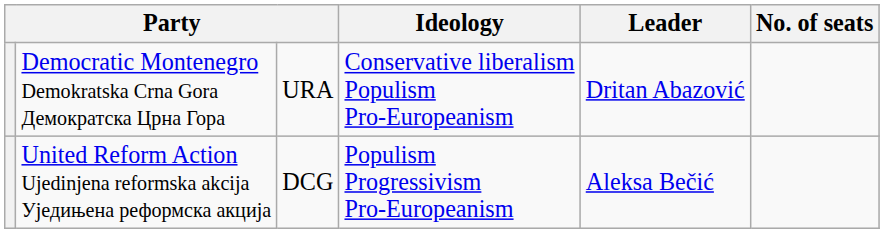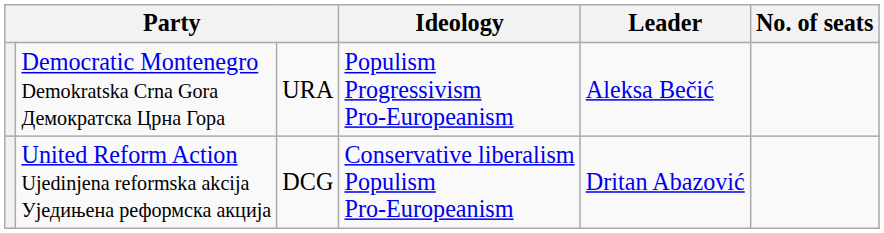 <table class="wikitable">
 <tr>
 <th colspan=3>Party</th>
 <th>Ideology</th>
 <th>Leader</th>
 <th>No. of seats</th>
 </tr>
 <tr>
 <th style="background-color:"></th>
 <td><a href='#'>Democratic Montenegro</a><br><small>Demokratska Crna Gora<br>Демократска Црна Гора</small></td>
 <td>URA</td>
-<td><a href='#'>Conservative liberalism</a><br><a href='#'>Populism</a><br><a href='#'>Pro-Europeanism</a></td>
-<td><a href='#'>Dritan Abazović</a></td>
+<td><a href='#'>Populism</a><br> <a href='#'>Progressivism</a><br><a href='#'>Pro-Europeanism</a></td>
+<td><a href='#'>Aleksa Bečić</a></td>
 <td></td>
 </tr>
 <tr>
 <th style="background-color:"></th>
 <td><a href='#'>United Reform Action</a><br><small>Ujedinjena reformska akcija<br>Уједињена реформска акција</small></td>
 <td>DCG</td>
-<td><a href='#'>Populism</a><br> <a href='#'>Progressivism</a><br><a href='#'>Pro-Europeanism</a></td>
-<td><a href='#'>Aleksa Bečić</a></td>
+<td><a href='#'>Conservative liberalism</a><br><a href='#'>Populism</a><br><a href='#'>Pro-Europeanism</a></td>
+<td><a href='#'>Dritan Abazović</a></td>
 <td></td>
 </tr>
 </table>
